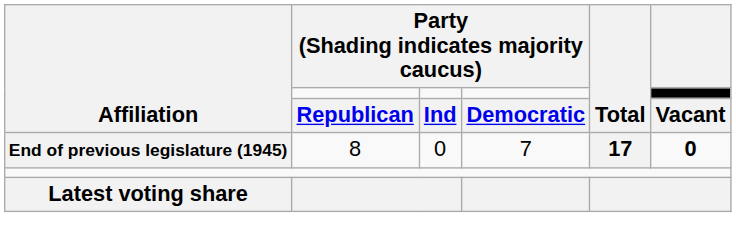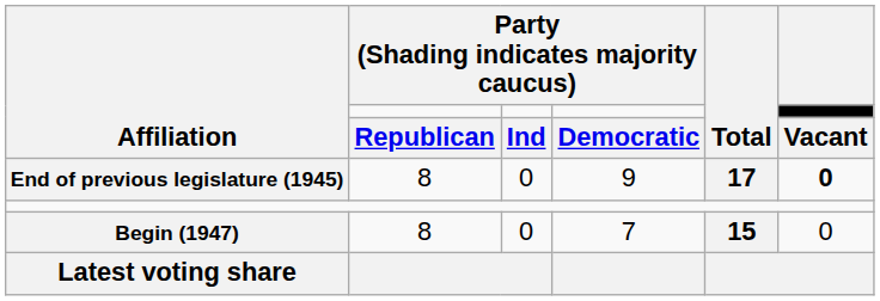 <table class=wikitable style="text-align:center; width:50%">
 <tr style="vertical-align:bottom;">
 <th rowspan=3>Affiliation</th>
 <th colspan=3>Party <div>(Shading indicates majority caucus)</div></th>
 <th rowspan=3>Total</th>
 <th></th>
 </tr>
 <tr style="height:5px">
 <td style="background-color:"></td>
 <td style="background-color:"></td>
 <td style="background-color:"></td>
 <td style="background-color:black"></td>
 </tr>
 <tr>
 <th><a href='#'>Republican</a></th>
 <th><a href='#'>Ind</a></th>
 <th><a href='#'>Democratic</a></th>
 <th>Vacant</th>
 </tr>
 <tr>
 <th nowrap style="font-size:80%">End of previous legislature (1945)</th>
 <td>8</td>
 <td>0</td>
-<td>7</td>
+<td>9</td>
 <th>17</th>
 <td><strong>0</strong></td>
 </tr>
 <tr>
 <td colspan=6></td>
+</tr>
+<tr>
+<th nowrap style="font-size:80%">Begin (1947)</th>
+<td>8</td>
+<td>0</td>
+<td>7</td>
+<th>15</th>
+<td>0</td>
 </tr>
 <tr>
 <th>Latest voting share</th>
 <th colspan=2 ></th>
 <th></th>
 <th colspan=2></th>
 </tr>
 </table>
